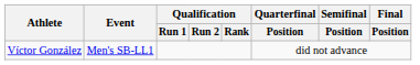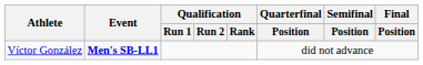 <table class="wikitable" style="font-size:90%">
 <tr>
 <th rowspan="2">Athlete</th>
 <th rowspan="2">Event</th>
 <th colspan="3">Qualification</th>
 <th>Quarterfinal</th>
 <th>Semifinal</th>
 <th>Final</th>
 </tr>
 <tr style=font-size:95%>
 <th>Run 1</th>
 <th>Run 2</th>
 <th>Rank</th>
 <th>Position</th>
 <th>Position</th>
 <th>Position</th>
 </tr>
 <tr align=center>
 <td align=left><a href='#'>Víctor González</a></td>
-<td align=left><a href='#'>Men's SB-LL1</a></td>
+<td align=left><strong><a href='#'>Men's SB-LL1</a></strong></td>
 <td colspan=3><strong></strong></td>
 <td colspan=3>did not advance</td>
 </tr>
 </table>
